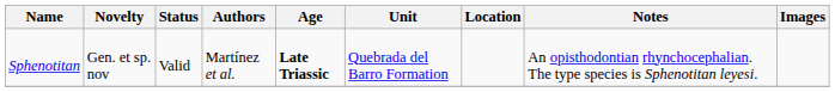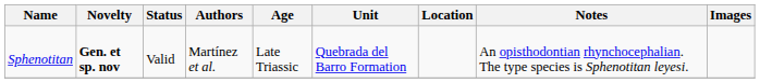 <table class="wikitable sortable" align="center" width="100%">
 <tr>
 <th>Name</th>
 <th>Novelty</th>
 <th>Status</th>
 <th>Authors</th>
 <th>Age</th>
 <th>Unit</th>
 <th>Location</th>
 <th>Notes</th>
 <th>Images</th>
 </tr>
 <tr>
 <td><br><em><a href='#'>Sphenotitan</a></em></td>
-<td><br>Gen. et sp. nov</td>
+<td><strong><br>Gen. et sp. nov</strong></td>
 <td><br>Valid</td>
 <td><br>Martínez <em>et al.</em></td>
-<td><strong><br>Late Triassic</strong></td>
+<td><br>Late Triassic</td>
 <td><br><a href='#'>Quebrada del Barro Formation</a></td>
 <td><br></td>
 <td><br>An <a href='#'>opisthodontian</a> <a href='#'>rhynchocephalian</a>. The type species is <em>Sphenotitan leyesi</em>.</td>
 <td></td>
 </tr>
 <tr>
 </tr>
 </table>
